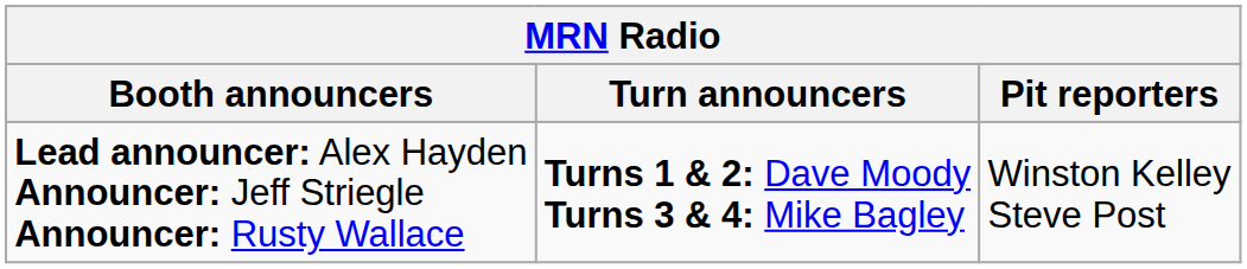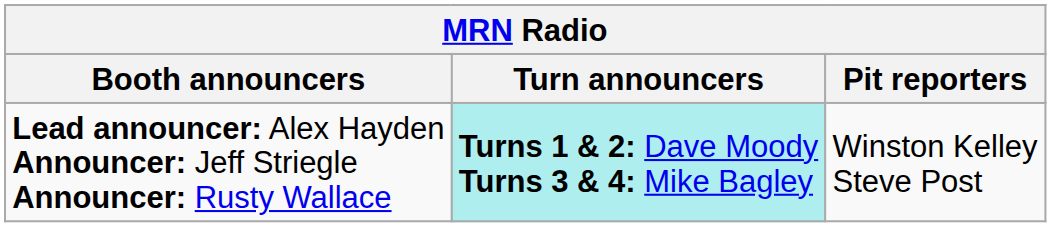 <table class="wikitable" style="font-size: 95%">
 <tr>
 <th colspan="3"><a href='#'>MRN</a> Radio</th>
 </tr>
 <tr>
 <th>Booth announcers</th>
 <th>Turn announcers</th>
 <th>Pit reporters</th>
 </tr>
 <tr>
 <td><strong>Lead announcer:</strong> Alex Hayden<br><strong>Announcer:</strong> Jeff Striegle<br><strong>Announcer:</strong> <a href='#'>Rusty Wallace</a></td>
-<td><strong>Turns 1 & 2:</strong> <a href='#'>Dave Moody</a><br><strong>Turns 3 & 4:</strong> <a href='#'>Mike Bagley</a></td>
+<td style="background: paleturquoise;"><strong>Turns 1 & 2:</strong> <a href='#'>Dave Moody</a><br><strong>Turns 3 & 4:</strong> <a href='#'>Mike Bagley</a></td>
 <td>Winston Kelley<br>Steve Post</td>
 </tr>
 </table>
